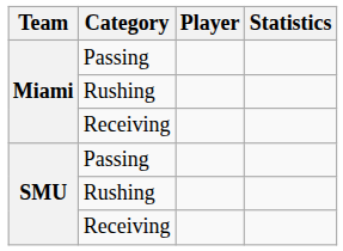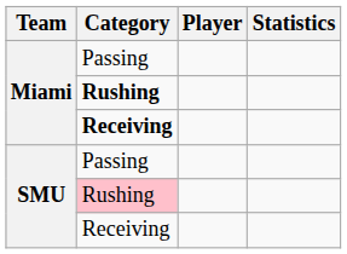 <table class="wikitable" style="float:right">
 <tr>
 <th>Team</th>
 <th>Category</th>
 <th>Player</th>
 <th>Statistics</th>
 </tr>
 <tr>
 <th rowspan=3>Miami</th>
 <td>Passing</td>
 <td></td>
 <td></td>
 </tr>
 <tr>
-<td>Rushing</td>
+<td><strong>Rushing</strong></td>
 <td></td>
 <td></td>
 </tr>
 <tr>
-<td>Receiving</td>
+<td><strong>Receiving</strong></td>
 <td></td>
 <td></td>
 </tr>
 <tr>
 <th rowspan=3>SMU</th>
 <td>Passing</td>
 <td></td>
 <td></td>
 </tr>
 <tr>
-<td>Rushing</td>
+<td style="background: pink;">Rushing</td>
 <td></td>
 <td></td>
 </tr>
 <tr>
 <td>Receiving</td>
 <td></td>
 <td></td>
 </tr>
 </table>
